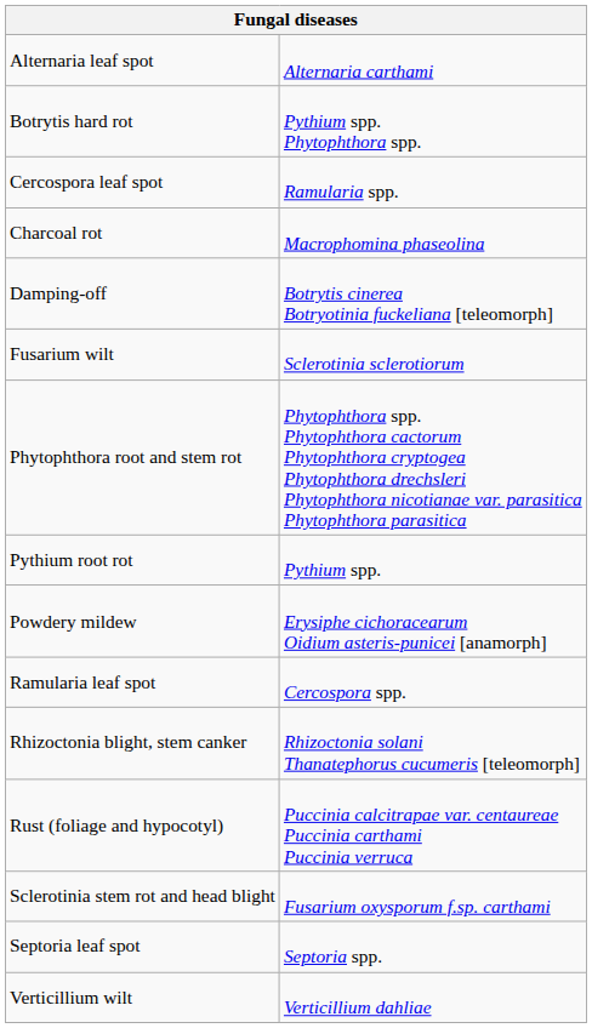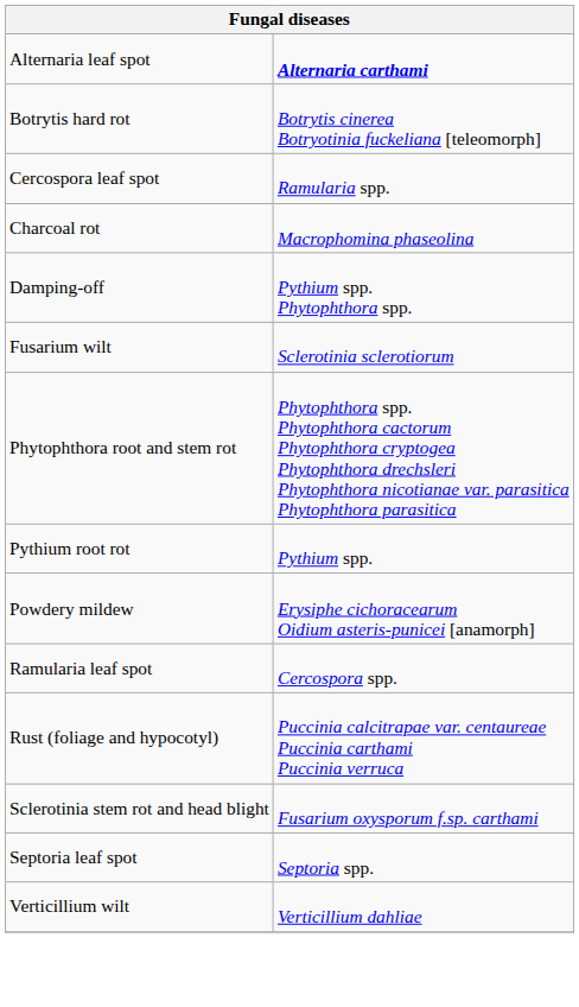 <table class="wikitable" style="clear">
 <tr>
 <th colspan=2><strong>Fungal diseases</strong><br></th>
 </tr>
 <tr>
 <td>Alternaria leaf spot</td>
-<td><br><em><a href='#'>Alternaria carthami</a></em></td>
+<td><strong><br><em><a href='#'>Alternaria carthami</a></em></strong></td>
 </tr>
 <tr>
 <td>Botrytis hard rot</td>
-<td><br><em><a href='#'>Pythium</a></em> spp. <br> <em><a href='#'>Phytophthora</a></em> spp.</td>
+<td><br><em><a href='#'>Botrytis cinerea</a></em><br> <em><a href='#'>Botryotinia fuckeliana</a></em> [teleomorph]</td>
 </tr>
 <tr>
 <td>Cercospora leaf spot</td>
 <td><br><em><a href='#'>Ramularia</a></em> spp.</td>
 </tr>
 <tr>
 <td>Charcoal rot</td>
 <td><br><em><a href='#'>Macrophomina phaseolina</a></em></td>
 </tr>
 <tr>
 <td>Damping-off</td>
-<td><br><em><a href='#'>Botrytis cinerea</a></em><br> <em><a href='#'>Botryotinia fuckeliana</a></em> [teleomorph]</td>
+<td><br><em><a href='#'>Pythium</a></em> spp. <br> <em><a href='#'>Phytophthora</a></em> spp.</td>
 </tr>
 <tr>
 <td>Fusarium wilt</td>
 <td><br><em><a href='#'>Sclerotinia sclerotiorum</a></em></td>
 </tr>
 <tr>
 <td>Phytophthora root and stem rot</td>
 <td><br><em><a href='#'>Phytophthora</a></em> spp. <br> <em><a href='#'>Phytophthora cactorum</a></em><br> <em><a href='#'>Phytophthora cryptogea</a></em><br> <em><a href='#'>Phytophthora drechsleri</a></em><br> <em><a href='#'>Phytophthora nicotianae var. parasitica</a></em> <br>  <em><a href='#'>Phytophthora parasitica</a></em></td>
 </tr>
 <tr>
 <td>Pythium root rot</td>
 <td><br><em><a href='#'>Pythium</a></em> spp.</td>
 </tr>
 <tr>
 <td>Powdery mildew</td>
 <td><br><em><a href='#'>Erysiphe cichoracearum</a></em><br> <em><a href='#'>Oidium asteris-punicei</a></em> [anamorph]</td>
 </tr>
 <tr>
 <td>Ramularia leaf spot</td>
 <td><br><em><a href='#'>Cercospora</a></em> spp.</td>
 </tr>
 <tr>
-<td>Rhizoctonia blight, stem canker</td>
-<td><br><em><a href='#'>Rhizoctonia solani</a></em><br> <em><a href='#'>Thanatephorus cucumeris</a></em> [teleomorph]</td>
-</tr>
-<tr>
 <td>Rust (foliage and hypocotyl)</td>
 <td><br><em><a href='#'>Puccinia calcitrapae var. centaureae</a></em> <br>  <em><a href='#'>Puccinia carthami</a></em><br> <em><a href='#'>Puccinia verruca</a></em></td>
 </tr>
 <tr>
 <td>Sclerotinia stem rot and head blight</td>
 <td><br><em><a href='#'>Fusarium oxysporum f.sp. carthami</a></em></td>
 </tr>
 <tr>
 <td>Septoria leaf spot</td>
 <td><br><em><a href='#'>Septoria</a></em> spp.</td>
 </tr>
 <tr>
 <td>Verticillium wilt</td>
 <td><br><em><a href='#'>Verticillium dahliae</a></em></td>
 </tr>
 <tr>
 </tr>
 </table>
